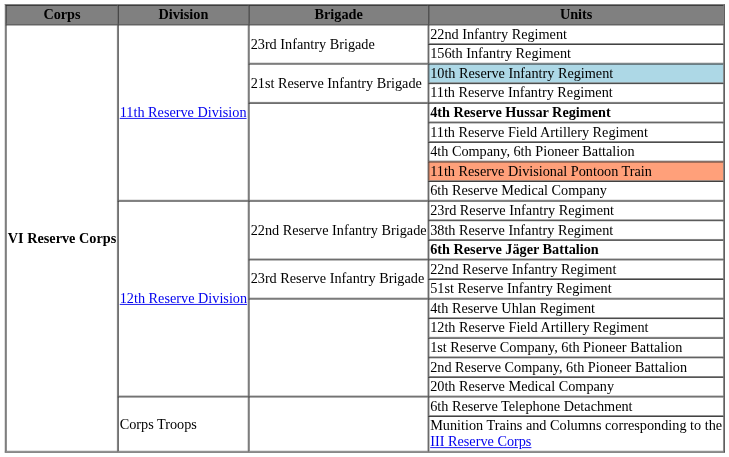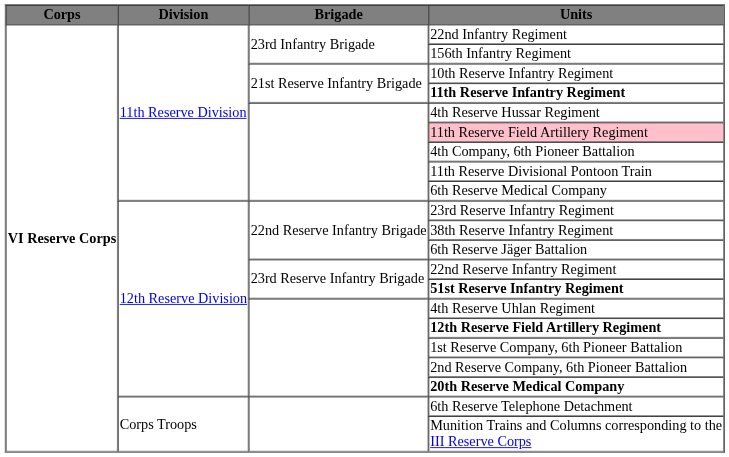 <table style="float: right;" border="1" cellpadding="1" cellspacing="0" style="font-size: 100%; border: gray solid 1px; border-collapse: collapse; text-align: center;">
 <tr style="background-color:grey; color:black;">
 <th>Corps</th>
 <th>Division</th>
 <th>Brigade</th>
 <th>Units</th>
 </tr>
 <tr>
 <td ROWSPAN=21><strong>VI Reserve Corps</strong></td>
 <td ROWSPAN=9><a href='#'>11th Reserve Division</a></td>
 <td ROWSPAN=2>23rd Infantry Brigade</td>
 <td>22nd Infantry Regiment</td>
 </tr>
 <tr>
 <td>156th Infantry Regiment</td>
 </tr>
 <tr>
 <td ROWSPAN=2>21st Reserve Infantry Brigade</td>
-<td style="background: lightblue;">10th Reserve Infantry Regiment</td>
+<td>10th Reserve Infantry Regiment</td>
 </tr>
 <tr>
-<td>11th Reserve Infantry Regiment</td>
+<td><strong>11th Reserve Infantry Regiment</strong></td>
 </tr>
 <tr>
 <td ROWSPAN=5></td>
-<td><strong>4th Reserve Hussar Regiment</strong></td>
+<td>4th Reserve Hussar Regiment</td>
 </tr>
 <tr>
-<td>11th Reserve Field Artillery Regiment</td>
+<td style="background: pink;">11th Reserve Field Artillery Regiment</td>
 </tr>
 <tr>
 <td>4th Company, 6th Pioneer Battalion</td>
 </tr>
 <tr>
-<td style="background: lightsalmon;">11th Reserve Divisional Pontoon Train</td>
+<td>11th Reserve Divisional Pontoon Train</td>
 </tr>
 <tr>
 <td>6th Reserve Medical Company</td>
 </tr>
 <tr>
 <td ROWSPAN=10><a href='#'>12th Reserve Division</a></td>
 <td ROWSPAN=3>22nd Reserve Infantry Brigade</td>
 <td>23rd Reserve Infantry Regiment</td>
 </tr>
 <tr>
 <td>38th Reserve Infantry Regiment</td>
 </tr>
 <tr>
-<td><strong>6th Reserve Jäger Battalion</strong></td>
+<td>6th Reserve Jäger Battalion</td>
 </tr>
 <tr>
 <td ROWSPAN=2>23rd Reserve Infantry Brigade</td>
 <td>22nd Reserve Infantry Regiment</td>
 </tr>
 <tr>
-<td>51st Reserve Infantry Regiment</td>
+<td><strong>51st Reserve Infantry Regiment</strong></td>
 </tr>
 <tr>
 <td ROWSPAN=5></td>
 <td>4th Reserve Uhlan Regiment</td>
 </tr>
 <tr>
-<td>12th Reserve Field Artillery Regiment</td>
+<td><strong>12th Reserve Field Artillery Regiment</strong></td>
 </tr>
 <tr>
 <td>1st Reserve Company, 6th Pioneer Battalion</td>
 </tr>
 <tr>
 <td>2nd Reserve Company, 6th Pioneer Battalion</td>
 </tr>
 <tr>
-<td>20th Reserve Medical Company</td>
+<td><strong>20th Reserve Medical Company</strong></td>
 </tr>
 <tr>
 <td ROWSPAN=2>Corps Troops</td>
 <td ROWSPAN=2></td>
 <td>6th Reserve Telephone Detachment</td>
 </tr>
 <tr>
 <td>Munition Trains and Columns corresponding to the<br><a href='#'>III Reserve Corps</a></td>
 </tr>
 </table>
